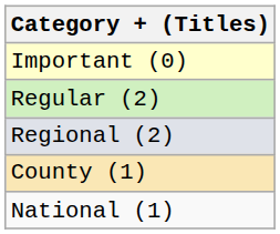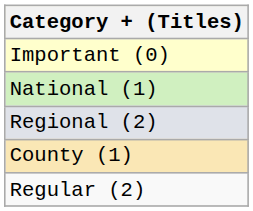 <table class="wikitable" style="display:inline-table;">
 <tr style="background:#ffc;">
 <th>Category + (Titles)</th>
 </tr>
 <tr style="background:#ffc;">
 <td>Important (0)</td>
 </tr>
 <tr style="background:#d0f0c0">
-<td>Regular (2)</td>
+<td>National (1)</td>
 </tr>
 <tr style="background:#dfe2e9">
 <td>Regional (2)</td>
 </tr>
 <tr style="background:#fae7b5">
 <td>County (1)</td>
 </tr>
 <tr>
-<td>National (1)</td>
+<td>Regular (2)</td>
 </tr>
 </table>
